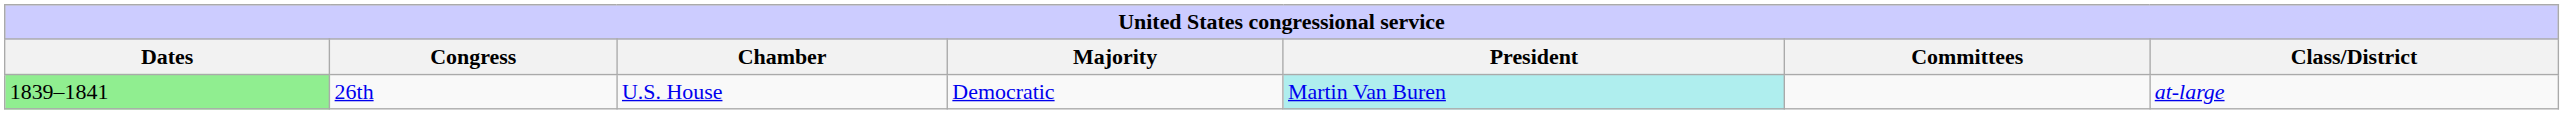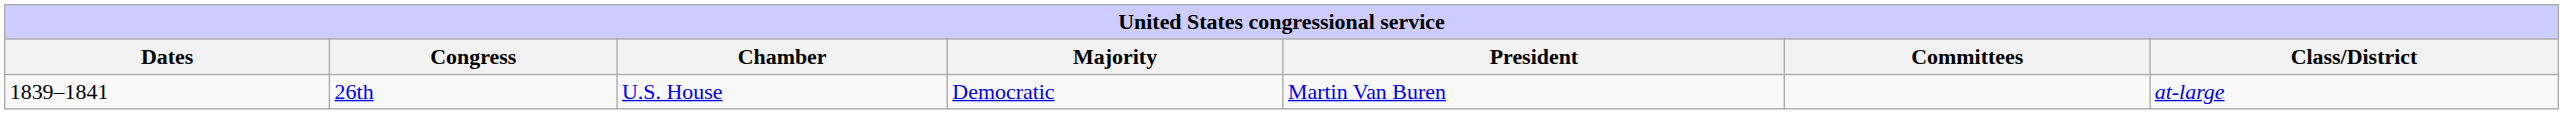 <table class=wikitable style="width: 94%" style="text-align: center;" align="center">
 <tr bgcolor=#cccccc>
 <th colspan=7 style="background: #ccccff;">United States congressional service</th>
 </tr>
 <tr>
 <th><strong>Dates</strong></th>
 <th><strong>Congress</strong></th>
 <th><strong>Chamber</strong></th>
 <th><strong>Majority</strong></th>
 <th><strong>President</strong></th>
 <th><strong>Committees</strong></th>
 <th><strong>Class/District</strong></th>
 </tr>
 <tr>
-<td style="background: lightgreen;">1839–1841</td>
+<td>1839–1841</td>
 <td><a href='#'>26th</a></td>
 <td><a href='#'>U.S. House</a></td>
 <td><a href='#'>Democratic</a></td>
-<td style="background: paleturquoise;"><a href='#'>Martin Van Buren</a></td>
+<td><a href='#'>Martin Van Buren</a></td>
 <td></td>
 <td><a href='#'><em>at-large</em></a></td>
 </tr>
 </table>
